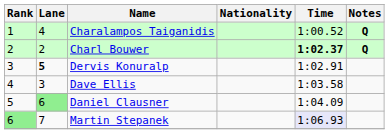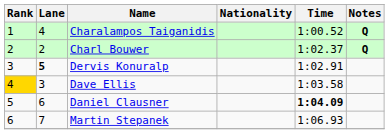 <table class="wikitable">
 <tr>
 <th>Rank</th>
 <th>Lane</th>
 <th>Name</th>
 <th>Nationality</th>
 <th>Time</th>
 <th>Notes</th>
 </tr>
 <tr style="background:#CCFFCC;">
 <td>1</td>
 <td>4</td>
 <td><a href='#'>Charalampos Taiganidis</a></td>
 <td></td>
 <td>1:00.52</td>
 <td style="text-align:center;"><strong>Q</strong></td>
 </tr>
 <tr style="background:#CCFFCC;">
 <td>2</td>
 <td>2</td>
 <td><a href='#'>Charl Bouwer</a></td>
 <td></td>
-<td><strong>1:02.37</strong></td>
+<td>1:02.37</td>
 <td style="text-align:center;"><strong>Q</strong></td>
 </tr>
 <tr>
 <td>3</td>
 <td><strong>5</strong></td>
 <td><a href='#'>Dervis Konuralp</a></td>
 <td></td>
 <td>1:02.91</td>
 <td></td>
 </tr>
 <tr>
-<td>4</td>
+<td style="background: gold;">4</td>
 <td>3</td>
 <td><a href='#'>Dave Ellis</a></td>
 <td></td>
 <td>1:03.58</td>
 <td></td>
 </tr>
 <tr>
 <td>5</td>
-<td style="background: lightgreen;">6</td>
+<td>6</td>
 <td><a href='#'>Daniel Clausner</a></td>
 <td></td>
-<td>1:04.09</td>
+<td><strong>1:04.09</strong></td>
 <td></td>
 </tr>
 <tr>
-<td style="background: lightgreen;">6</td>
+<td>6</td>
 <td>7</td>
 <td><a href='#'>Martin Stepanek</a></td>
 <td></td>
-<td style="background: lavender;">1:06.93</td>
+<td>1:06.93</td>
 <td></td>
 </tr>
 <tr>
 </tr>
 </table>
